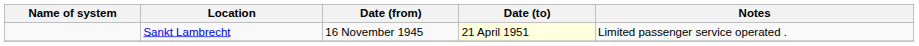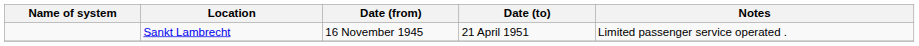 <table class="wikitable" width=100%>
 <tr>
 <th width=15%>Name of system</th>
 <th width=20%>Location</th>
 <th width=15%>Date (from)</th>
 <th width=15%>Date (to)</th>
 <th width=35%>Notes</th>
 </tr>
 <tr>
 <td> </td>
 <td><a href='#'>Sankt Lambrecht</a></td>
 <td>16 November 1945</td>
-<td style="background: lightyellow;">21 April 1951</td>
+<td>21 April 1951</td>
 <td>Limited passenger service operated .</td>
 </tr>
 <tr>
 </tr>
 </table>
